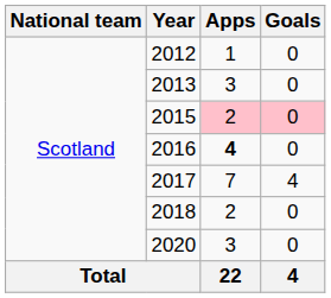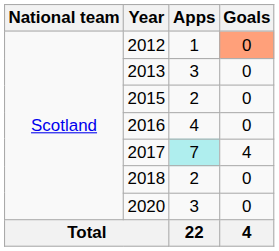 <table class="wikitable" style="text-align:center">
 <tr>
 <th>National team</th>
 <th>Year</th>
 <th>Apps</th>
 <th>Goals</th>
 </tr>
 <tr>
 <td rowspan="7"><a href='#'>Scotland</a></td>
 <td>2012</td>
 <td>1</td>
-<td>0</td>
+<td style="background: lightsalmon;">0</td>
 </tr>
 <tr>
 <td>2013</td>
 <td>3</td>
 <td>0</td>
 </tr>
 <tr>
 <td>2015</td>
-<td style="background: pink;">2</td>
-<td style="background: pink;">0</td>
+<td>2</td>
+<td>0</td>
 </tr>
 <tr>
 <td>2016</td>
-<td><strong>4</strong></td>
+<td>4</td>
 <td>0</td>
 </tr>
 <tr>
 <td>2017</td>
-<td>7</td>
+<td style="background: paleturquoise;">7</td>
 <td>4</td>
 </tr>
 <tr>
 <td>2018</td>
 <td>2</td>
 <td>0</td>
 </tr>
 <tr>
 <td>2020</td>
 <td>3</td>
 <td>0</td>
 </tr>
 <tr>
 <th colspan="2">Total</th>
 <th>22</th>
 <th>4</th>
 </tr>
 </table>
